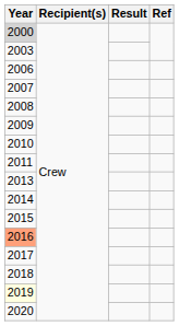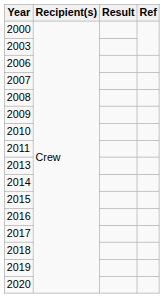 <table class="wikitable">
 <tr>
 <th scope="col">Year</th>
 <th scope="col">Recipient(s)</th>
 <th scope="col">Result</th>
 <th scope="col">Ref</th>
 </tr>
 <tr>
-<td style="background: lightgrey;">2000</td>
+<td>2000</td>
 <td rowspan=20>Crew</td>
 <td></td>
 <td rowspan="2" style="text-align:center;"></td>
 </tr>
 <tr>
 <td>2003</td>
 <td></td>
 </tr>
 <tr>
 <td>2006</td>
 <td></td>
 <td style="text-align:center;"></td>
 </tr>
 <tr>
 <td>2007</td>
 <td></td>
 <td style="text-align:center;"></td>
 </tr>
 <tr>
 <td>2008</td>
 <td></td>
 <td style="text-align:center;"></td>
 </tr>
 <tr>
 <td>2009</td>
 <td></td>
 <td style="text-align:center;"></td>
 </tr>
 <tr>
 <td>2010</td>
 <td></td>
 <td style="text-align:center;"></td>
 </tr>
 <tr>
 <td>2011</td>
 <td></td>
 <td></td>
 </tr>
 <tr>
 <td>2013</td>
 <td></td>
 <td></td>
 </tr>
 <tr>
 <td>2014</td>
 <td></td>
 <td style="text-align:center;"></td>
 </tr>
 <tr>
 <td>2015</td>
 <td></td>
 <td style="text-align:center;"></td>
 </tr>
 <tr>
-<td style="background: lightsalmon;">2016</td>
+<td>2016</td>
 <td></td>
 <td></td>
 </tr>
 <tr>
 <td>2017</td>
 <td></td>
 <td></td>
 </tr>
 <tr>
 <td>2018</td>
 <td></td>
 <td></td>
 </tr>
 <tr>
-<td style="background: lightyellow;">2019</td>
+<td>2019</td>
 <td></td>
 <td></td>
 </tr>
 <tr>
 <td>2020</td>
 <td></td>
 <td></td>
 </tr>
 </table>
